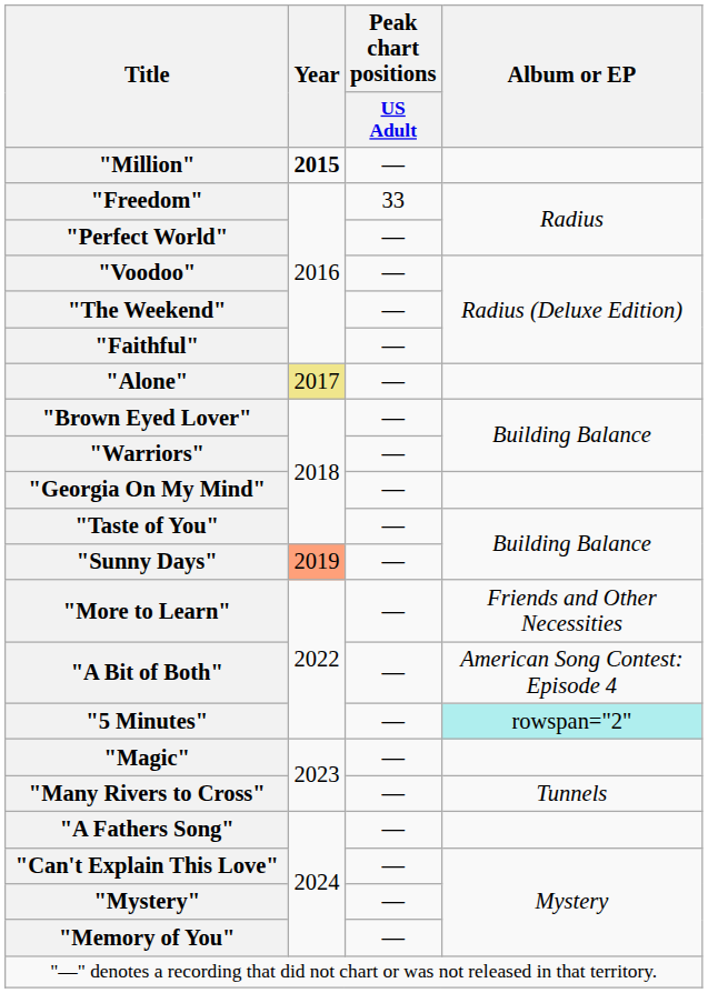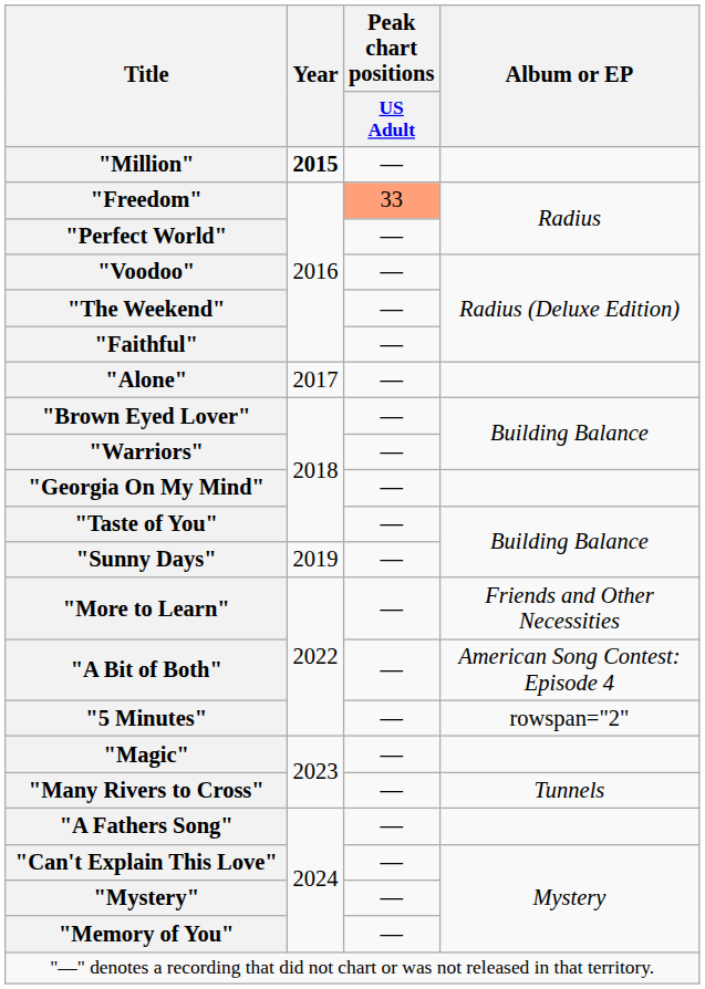 <table class="wikitable plainrowheaders" style="text-align:center;">
 <tr>
 <th scope="col" rowspan="2" style="width:12em;">Title</th>
 <th scope="col" rowspan="2">Year</th>
 <th scope="col" colspan="1">Peak chart positions</th>
 <th scope="col" rowspan="2" style="width:11em;">Album or EP</th>
 </tr>
 <tr>
 <th scope="col" style="width:3em;font-size:85%;"><a href='#'>US<br>Adult</a><br></th>
 </tr>
 <tr>
 <th scope="row">"Million"</th>
 <td><strong>2015</strong></td>
 <td>—</td>
 <td></td>
 </tr>
 <tr>
 <th scope="row">"Freedom"</th>
 <td rowspan="5">2016</td>
-<td>33</td>
+<td style="background: lightsalmon;">33</td>
 <td rowspan="2"><em>Radius</em></td>
 </tr>
 <tr>
 <th scope="row">"Perfect World"</th>
 <td>—</td>
 </tr>
 <tr>
 <th scope="row">"Voodoo"</th>
 <td>—</td>
 <td rowspan="3"><em>Radius (Deluxe Edition)</em></td>
 </tr>
 <tr>
 <th scope="row">"The Weekend"</th>
 <td>—</td>
 </tr>
 <tr>
 <th scope="row">"Faithful"</th>
 <td>—</td>
 </tr>
 <tr>
 <th scope="row">"Alone"</th>
-<td style="background: khaki;">2017</td>
+<td>2017</td>
 <td>—</td>
 <td></td>
 </tr>
 <tr>
 <th scope="row">"Brown Eyed Lover"</th>
 <td rowspan="4">2018</td>
 <td>—</td>
 <td rowspan="2"><em>Building Balance</em></td>
 </tr>
 <tr>
 <th scope="row">"Warriors"</th>
 <td>—</td>
 </tr>
 <tr>
 <th scope="row">"Georgia On My Mind"</th>
 <td>—</td>
 <td></td>
 </tr>
 <tr>
 <th scope="row">"Taste of You"</th>
 <td>—</td>
 <td rowspan="2"><em>Building Balance</em></td>
 </tr>
 <tr>
 <th scope="row">"Sunny Days"</th>
-<td style="background: lightsalmon;">2019</td>
+<td>2019</td>
 <td>—</td>
 </tr>
 <tr>
 <th scope="row">"More to Learn"<br></th>
 <td rowspan="3">2022</td>
 <td>—</td>
 <td><em>Friends and Other Necessities</em></td>
 </tr>
 <tr>
 <th scope="row">"A Bit of Both"</th>
 <td>—</td>
 <td><em>American Song Contest: Episode 4</em></td>
 </tr>
 <tr>
 <th scope="row">"5 Minutes"</th>
 <td>—</td>
-<td style="background: paleturquoise;">rowspan="2" </td>
+<td>rowspan="2" </td>
 </tr>
 <tr>
 <th scope="row">"Magic"</th>
 <td rowspan="2">2023</td>
 <td>—</td>
 </tr>
 <tr>
 <th scope="row">"Many Rivers to Cross"<br></th>
 <td>—</td>
 <td><em>Tunnels</em></td>
 </tr>
 <tr>
 <th scope="row">"A Fathers Song"</th>
 <td rowspan="4">2024</td>
 <td>—</td>
 <td></td>
 </tr>
 <tr>
 <th scope="row">"Can't Explain This Love"</th>
 <td>—</td>
 <td rowspan="3"><em>Mystery</em></td>
 </tr>
 <tr>
 <th scope="row">"Mystery"<br></th>
 <td>—</td>
 </tr>
 <tr>
 <th scope="row">"Memory of You"</th>
 <td>—</td>
 </tr>
 <tr>
 <td colspan="10" style="font-size:85%">"—" denotes a recording that did not chart or was not released in that territory.</td>
 </tr>
 </table>
